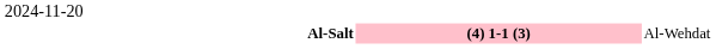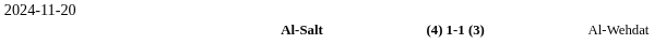 <table width="100%" cellspacing="1">
 <tr>
 <td>2024-11-20</td>
 </tr>
 <tr style="font-size:90%">
 <td align="right"><strong>Al-Salt</strong></td>
-<td align="center" style="background: pink;"><strong>(4) 1-1 (3)</strong></td>
+<td align="center"><strong>(4) 1-1 (3)</strong></td>
 <td>Al-Wehdat</td>
 </tr>
 </table>
